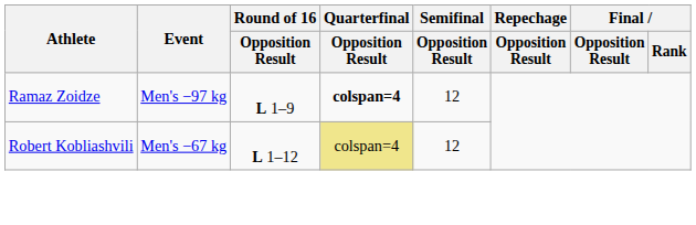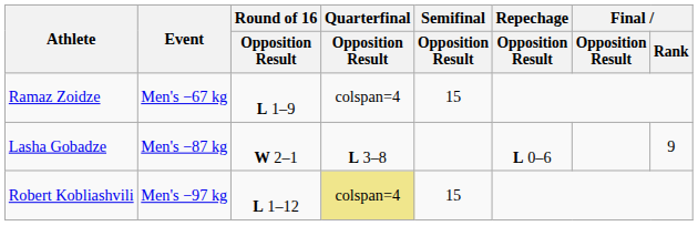 <table class="wikitable" style="font-size:90%">
 <tr>
 <th rowspan=2>Athlete</th>
 <th rowspan=2>Event</th>
 <th>Round of 16</th>
 <th>Quarterfinal</th>
 <th>Semifinal</th>
 <th>Repechage</th>
 <th colspan=2>Final / </th>
 </tr>
 <tr style="font-size: 95%">
 <th>Opposition<br>Result</th>
 <th>Opposition<br>Result</th>
 <th>Opposition<br>Result</th>
 <th>Opposition<br>Result</th>
 <th>Opposition<br>Result</th>
 <th>Rank</th>
 </tr>
 <tr align=center>
 <td align=left><a href='#'>Ramaz Zoidze</a></td>
-<td align=left><a href='#'>Men's −97 kg</a></td>
+<td align=left><a href='#'>Men's −67 kg</a></td>
 <td><br><strong>L</strong> 1–9 <sup></sup></td>
-<td><strong>colspan=4</strong></td>
-<td>12</td>
+<td>colspan=4</td>
+<td>15</td>
+</tr>
+<tr align=center>
+<td align=left><a href='#'>Lasha Gobadze</a></td>
+<td align=left><a href='#'>Men's −87 kg</a></td>
+<td><br><strong>W</strong> 2–1 <sup></sup></td>
+<td><br><strong>L</strong> 3–8 <sup></sup></td>
+<td></td>
+<td><br><strong>L</strong> 0–6 <sup></sup></td>
+<td></td>
+<td>9</td>
 </tr>
 <tr align=center>
 <td align=left><a href='#'>Robert Kobliashvili</a></td>
-<td align=left><a href='#'>Men's −67 kg</a></td>
+<td align=left><a href='#'>Men's −97 kg</a></td>
 <td><br><strong>L</strong> 1–12 <sup></sup></td>
 <td style="background: khaki;">colspan=4</td>
-<td>12</td>
+<td>15</td>
 </tr>
 </table>
